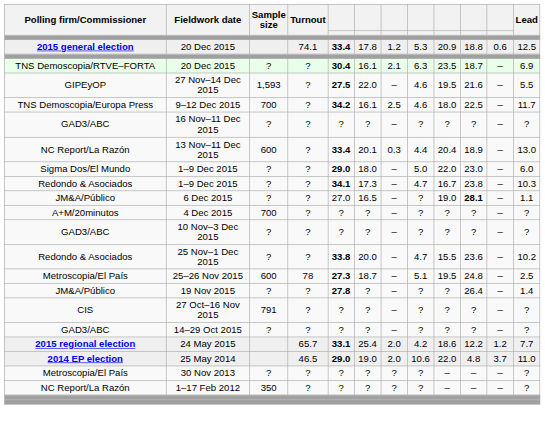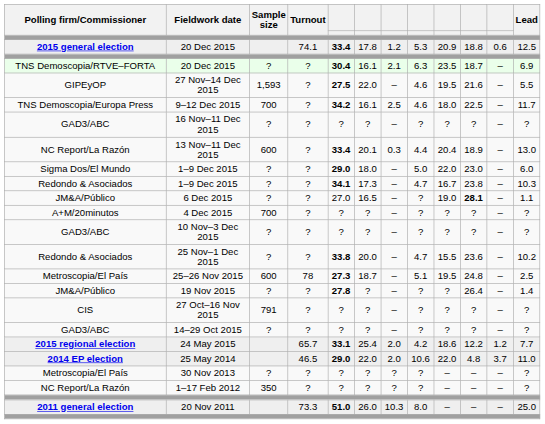 <table class="wikitable collapsible collapsed" style="text-align:center; font-size:95%; line-height:16px;">
 <tr style="height:42px; background-color:#E9E9E9">
 <th style="width:250px;" rowspan="2">Polling firm/Commissioner</th>
 <th style="width:125px;" rowspan="2">Fieldwork date</th>
 <th style="width:50px;" rowspan="2">Sample size</th>
 <th style="width:45px;" rowspan="2">Turnout</th>
 <th style="width:35px;"></th>
 <th style="width:35px;"></th>
 <th style="width:35px;"></th>
 <th style="width:35px;"></th>
 <th style="width:35px;"></th>
 <th style="width:35px;"></th>
 <th style="width:35px;"></th>
 <th style="width:30px;" rowspan="2">Lead</th>
 </tr>
 <tr>
 <th style="color:inherit;background:"></th>
 <th style="color:inherit;background:"></th>
 <th style="color:inherit;background:"></th>
 <th style="color:inherit;background:"></th>
 <th style="color:inherit;background:"></th>
 <th style="color:inherit;background:"></th>
 <th style="color:inherit;background:"></th>
 </tr>
 <tr>
 <td colspan="12" style="background:#A0A0A0"></td>
 </tr>
 <tr style="background:#EFEFEF;">
 <td><strong><a href='#'>2015 general election</a></strong></td>
 <td>20 Dec 2015</td>
 <td></td>
 <td>74.1</td>
 <td><strong>33.4</strong><br></td>
 <td>17.8<br></td>
 <td>1.2<br></td>
 <td>5.3<br></td>
 <td>20.9<br></td>
 <td>18.8<br></td>
 <td>0.6<br></td>
 <td style="background:">12.5</td>
 </tr>
 <tr>
 <td colspan="12" style="background:#A0A0A0"></td>
 </tr>
 <tr style="background:#EAFFEA;">
 <td>TNS Demoscopia/RTVE–FORTA</td>
 <td>20 Dec 2015</td>
 <td>?</td>
 <td>?</td>
 <td><strong>30.4</strong><br></td>
 <td>16.1<br></td>
 <td>2.1<br></td>
 <td>6.3<br></td>
 <td>23.5<br></td>
 <td>18.7<br></td>
 <td>–</td>
 <td style="background:">6.9</td>
 </tr>
 <tr>
 <td>GIPEyOP</td>
 <td>27 Nov–14 Dec 2015</td>
 <td>1,593</td>
 <td>?</td>
 <td><strong>27.5</strong><br></td>
 <td>22.0<br></td>
 <td>–</td>
 <td>4.6<br></td>
 <td>19.5<br></td>
 <td>21.6<br></td>
 <td>–</td>
 <td style="background:">5.5</td>
 </tr>
 <tr>
 <td>TNS Demoscopia/Europa Press</td>
 <td>9–12 Dec 2015</td>
 <td>700</td>
 <td>?</td>
 <td><strong>34.2</strong><br></td>
 <td>16.1<br></td>
 <td>2.5<br></td>
 <td>4.6<br></td>
 <td>18.0<br></td>
 <td>22.5<br></td>
 <td>–</td>
 <td style="background:">11.7</td>
 </tr>
 <tr>
 <td>GAD3/ABC</td>
 <td>16 Nov–11 Dec 2015</td>
 <td>?</td>
 <td>?</td>
 <td>?<br></td>
 <td>?<br></td>
 <td>–</td>
 <td>?<br></td>
 <td>?<br></td>
 <td>?<br></td>
 <td>–</td>
 <td style="background:">?</td>
 </tr>
 <tr>
 <td>NC Report/La Razón</td>
 <td>13 Nov–11 Dec 2015</td>
 <td>600</td>
 <td>?</td>
 <td><strong>33.4</strong><br></td>
 <td>20.1<br></td>
 <td>0.3<br></td>
 <td>4.4<br></td>
 <td>20.4<br></td>
 <td>18.9<br></td>
 <td>–</td>
 <td style="background:">13.0</td>
 </tr>
 <tr>
 <td>Sigma Dos/El Mundo</td>
 <td>1–9 Dec 2015</td>
 <td>?</td>
 <td>?</td>
 <td><strong>29.0</strong><br></td>
 <td>18.0<br></td>
 <td>–</td>
 <td>5.0<br></td>
 <td>22.0<br></td>
 <td>23.0<br></td>
 <td>–</td>
 <td style="background:">6.0</td>
 </tr>
 <tr>
 <td>Redondo & Asociados</td>
 <td>1–9 Dec 2015</td>
 <td>?</td>
 <td>?</td>
 <td><strong>34.1</strong><br></td>
 <td>17.3<br></td>
 <td>–</td>
 <td>4.7<br></td>
 <td>16.7<br></td>
 <td>23.8<br></td>
 <td>–</td>
 <td style="background:">10.3</td>
 </tr>
 <tr>
 <td>JM&A/Público</td>
 <td>6 Dec 2015</td>
 <td>?</td>
 <td>?</td>
 <td>27.0<br></td>
 <td>16.5<br></td>
 <td>–</td>
 <td>?<br></td>
 <td>19.0<br></td>
 <td><strong>28.1</strong><br></td>
 <td>–</td>
 <td style="background:">1.1</td>
 </tr>
 <tr>
 <td>A+M/20minutos</td>
 <td>4 Dec 2015</td>
 <td>700</td>
 <td>?</td>
 <td>?<br></td>
 <td>?<br></td>
 <td>–</td>
 <td>?<br></td>
 <td>?<br></td>
 <td>?<br></td>
 <td>–</td>
 <td style="background:">?</td>
 </tr>
 <tr>
 <td>GAD3/ABC</td>
 <td>10 Nov–3 Dec 2015</td>
 <td>?</td>
 <td>?</td>
 <td>?<br></td>
 <td>?<br></td>
 <td>–</td>
 <td>?<br></td>
 <td>?<br></td>
 <td>?<br></td>
 <td>–</td>
 <td style="background:">?</td>
 </tr>
 <tr>
 <td>Redondo & Asociados</td>
 <td>25 Nov–1 Dec 2015</td>
 <td>?</td>
 <td>?</td>
 <td><strong>33.8</strong><br></td>
 <td>20.0<br></td>
 <td>–</td>
 <td>4.7<br></td>
 <td>15.5<br></td>
 <td>23.6<br></td>
 <td>–</td>
 <td style="background:">10.2</td>
 </tr>
 <tr>
 <td>Metroscopia/El País</td>
 <td>25–26 Nov 2015</td>
 <td>600</td>
 <td>78</td>
 <td><strong>27.3</strong><br></td>
 <td>18.7<br></td>
 <td>–</td>
 <td>5.1<br></td>
 <td>19.5<br></td>
 <td>24.8<br></td>
 <td>–</td>
 <td style="background:">2.5</td>
 </tr>
 <tr>
 <td>JM&A/Público</td>
 <td>19 Nov 2015</td>
 <td>?</td>
 <td>?</td>
 <td><strong>27.8</strong><br></td>
 <td>?<br></td>
 <td>–</td>
 <td>?<br></td>
 <td>?<br></td>
 <td>26.4<br></td>
 <td>–</td>
 <td style="background:">1.4</td>
 </tr>
 <tr>
 <td>CIS</td>
 <td>27 Oct–16 Nov 2015</td>
 <td>791</td>
 <td>?</td>
 <td>?<br></td>
 <td>?<br></td>
 <td>–</td>
 <td>?<br></td>
 <td>?<br></td>
 <td>?<br></td>
 <td>–</td>
 <td style="background:">?</td>
 </tr>
 <tr>
 <td>GAD3/ABC</td>
 <td>14–29 Oct 2015</td>
 <td>?</td>
 <td>?</td>
 <td>?<br></td>
 <td>?<br></td>
 <td>–</td>
 <td>?<br></td>
 <td>?<br></td>
 <td>?<br></td>
 <td>–</td>
 <td style="background:">?</td>
 </tr>
 <tr style="background:#EFEFEF;">
 <td><strong><a href='#'>2015 regional election</a></strong></td>
 <td>24 May 2015</td>
 <td></td>
 <td>65.7</td>
 <td><strong>33.1</strong><br></td>
 <td>25.4<br></td>
 <td>2.0<br></td>
 <td>4.2<br></td>
 <td>18.6<br></td>
 <td>12.2<br></td>
 <td>1.2<br></td>
 <td style="background:">7.7</td>
 </tr>
 <tr style="background:#EFEFEF;">
 <td><strong><a href='#'>2014 EP election</a></strong></td>
 <td>25 May 2014</td>
 <td></td>
 <td>46.5</td>
 <td><strong>29.0</strong><br></td>
-<td>19.0<br></td>
+<td>22.0<br></td>
 <td>2.0<br></td>
 <td>10.6<br></td>
 <td>22.0<br></td>
 <td>4.8<br></td>
 <td>3.7<br></td>
 <td style="background:">11.0</td>
 </tr>
 <tr>
 <td>Metroscopia/El País</td>
 <td>30 Nov 2013</td>
 <td>?</td>
 <td>?</td>
 <td>?<br></td>
 <td>?<br></td>
 <td>?<br></td>
 <td>?<br></td>
 <td>–</td>
 <td>–</td>
 <td>–</td>
 <td style="background:">?</td>
 </tr>
 <tr>
 <td>NC Report/La Razón</td>
 <td>1–17 Feb 2012</td>
 <td>350</td>
 <td>?</td>
 <td>?<br></td>
 <td>?<br></td>
 <td>?<br></td>
 <td>?<br></td>
 <td>–</td>
 <td>–</td>
 <td>–</td>
 <td style="background:">?</td>
 </tr>
 <tr>
 <td colspan="12" style="background:#A0A0A0"></td>
 </tr>
+<tr style="background:#EFEFEF;">
+<td><strong><a href='#'>2011 general election</a></strong></td>
+<td>20 Nov 2011</td>
+<td></td>
+<td>73.3</td>
+<td><strong>51.0</strong><br></td>
+<td>26.0<br></td>
+<td>10.3<br></td>
+<td>8.0<br></td>
+<td>–</td>
+<td>–</td>
+<td>–</td>
+<td style="background:">25.0</td>
+</tr>
 <tr>
 <td colspan="12" style="background:#A0A0A0"></td>
 </tr>
 </table>
